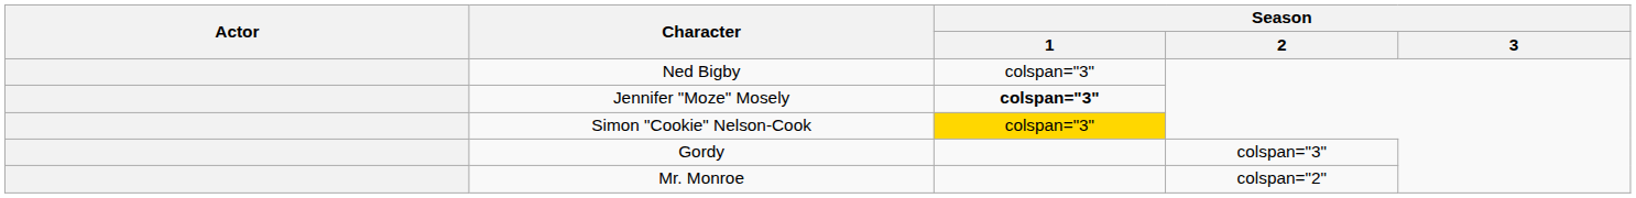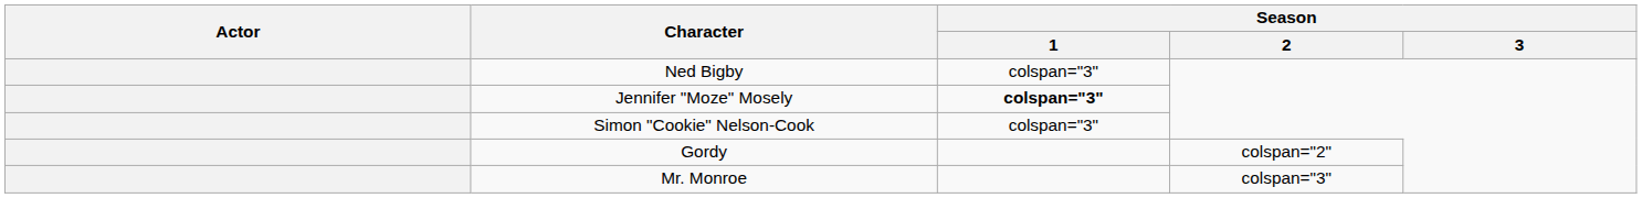 <table class="wikitable plainrowheaders" style="text-align:center">
 <tr>
 <th rowspan="2" style="width:14%;" scope="col">Actor</th>
 <th rowspan="2" style="width:14%;" scope="col">Character</th>
 <th colspan="4">Season</th>
 </tr>
 <tr>
 <th style="width:7%;" scope="col">1</th>
 <th style="width:7%;" scope="col">2</th>
 <th style="width:7%;" scope="col">3</th>
 </tr>
 <tr>
 <th scope="row"></th>
 <td>Ned Bigby</td>
 <td>colspan="3" </td>
 </tr>
 <tr>
 <th scope="row"></th>
 <td>Jennifer "Moze" Mosely</td>
 <td><strong>colspan="3" </strong></td>
 </tr>
 <tr>
 <th scope="row"></th>
 <td>Simon "Cookie" Nelson-Cook</td>
-<td style="background: gold;">colspan="3" </td>
+<td>colspan="3" </td>
 </tr>
 <tr>
 <th scope="row"></th>
 <td>Gordy</td>
 <td></td>
-<td>colspan="3" </td>
+<td>colspan="2" </td>
 </tr>
 <tr>
 <th scope="row"></th>
 <td>Mr. Monroe</td>
 <td></td>
-<td>colspan="2" </td>
+<td>colspan="3" </td>
 </tr>
 </table>
